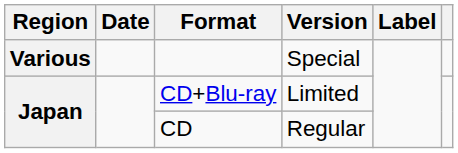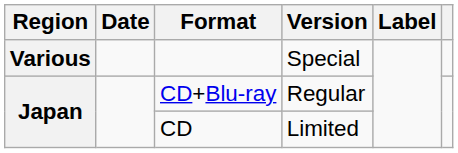 <table class="wikitable plainrowheaders">
 <tr>
 <th scope="col">Region</th>
 <th>Date</th>
 <th>Format</th>
 <th>Version</th>
 <th>Label</th>
 <th></th>
 </tr>
 <tr>
 <th scope="row">Various</th>
 <td></td>
 <td></td>
 <td>Special</td>
 <td rowspan="3"><a href='#'></a></td>
 <td style="text-align:center"></td>
 </tr>
 <tr>
 <th scope="row" rowspan=5>Japan</th>
 <td rowspan="2"></td>
 <td><a href='#'>CD</a>+<a href='#'>Blu-ray</a></td>
-<td>Limited</td>
+<td>Regular</td>
 <td rowspan="2" style="text-align:center"></td>
 </tr>
 <tr>
 <td>CD</td>
-<td>Regular</td>
+<td>Limited</td>
 </tr>
 </table>
